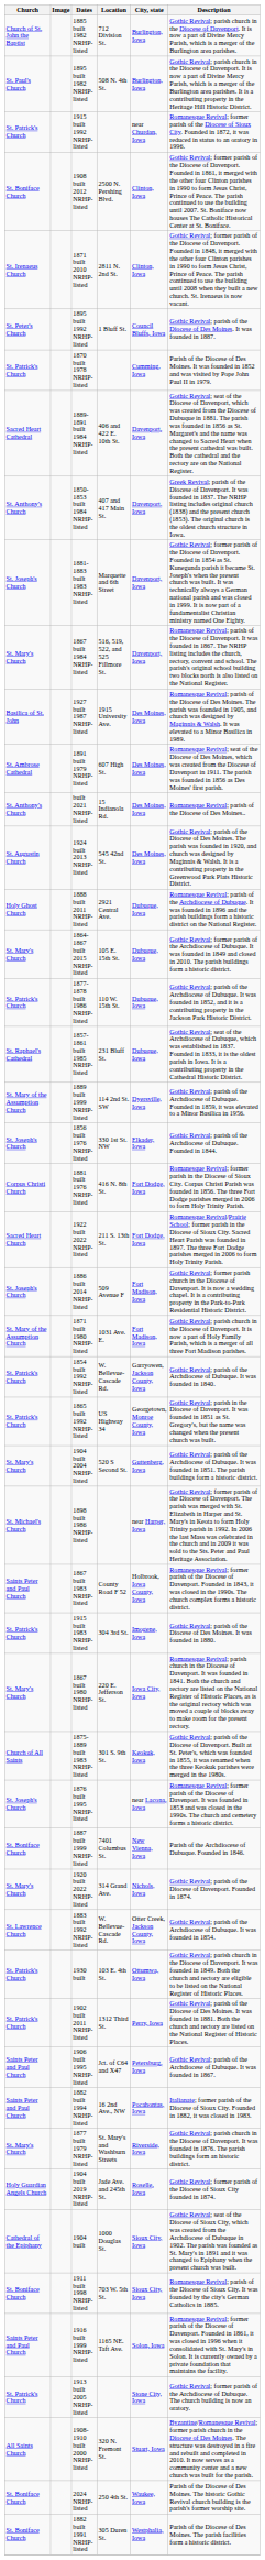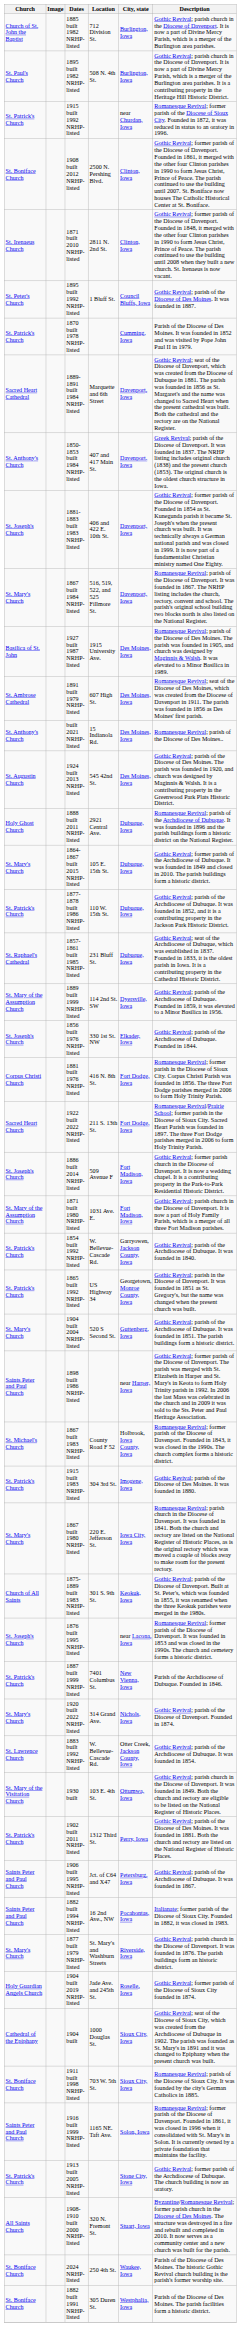 <table class="wikitable sortable" style="width:98%">
 <tr>
 <th width = 18%><strong>Church</strong></th>
 <th width = 8% class="unsortable"><strong>Image</strong></th>
 <th width = 10%><strong>Dates</strong></th>
 <th><strong>Location</strong></th>
 <th width = 8%><strong>City, state</strong></th>
 <th class="unsortable"><strong>Description</strong></th>
 </tr>
 <tr>
 <td><a href='#'>Church of St. John the Baptist</a></td>
 <td></td>
 <td>1885 built<br>1982 NRHP-listed</td>
 <td>712 Division St.<br><small></small></td>
 <td><a href='#'>Burlington, Iowa</a></td>
 <td><a href='#'>Gothic Revival</a>; parish church in the <a href='#'>Diocese of Davenport</a>. It is now a part of Divine Mercy Parish, which is a merger of the Burlington area parishes.</td>
 </tr>
 <tr>
 <td><a href='#'>St. Paul's Church</a></td>
 <td></td>
 <td>1895 built<br>1982 NRHP-listed</td>
 <td>508 N. 4th St.<br><small></small></td>
 <td><a href='#'>Burlington, Iowa</a></td>
 <td><a href='#'>Gothic Revival</a>; parish church in the Diocese of Davenport. It is now a part of Divine Mercy Parish, which is a merger of the Burlington area parishes. It is a contributing property in the Heritage Hill Historic District.</td>
 </tr>
 <tr>
 <td><a href='#'>St. Patrick's Church</a></td>
 <td></td>
 <td>1915 built<br>1992 NRHP-listed</td>
 <td><small></small></td>
 <td>near <a href='#'>Churdan, Iowa</a></td>
 <td><a href='#'>Romanesque Revival</a>; former parish of the <a href='#'>Diocese of Sioux City</a>. Founded in 1872, it was reduced in status to an oratory in 1996.</td>
 </tr>
 <tr>
 <td><a href='#'>St. Boniface Church</a></td>
 <td></td>
 <td>1908 built<br>2012 NRHP-listed</td>
 <td>2500 N. Pershing Blvd.<br><small></small></td>
 <td><a href='#'>Clinton, Iowa</a></td>
 <td><a href='#'>Gothic Revival</a>; former parish of the Diocese of Davenport. Founded in 1861, it merged with the other four Clinton parishes in 1990 to form Jesus Christ, Prince of Peace. The parish continued to use the building until 2007. St. Boniface now houses The Catholic Historical Center at St. Boniface.</td>
 </tr>
 <tr>
 <td><a href='#'>St. Irenaeus Church</a></td>
 <td></td>
 <td>1871 built<br>2010 NRHP-listed</td>
 <td>2811 N. 2nd St.<br><small></small></td>
 <td><a href='#'>Clinton, Iowa</a></td>
 <td><a href='#'>Gothic Revival</a>; former parish of the Diocese of Davenport. Founded in 1848, it merged with the other four Clinton parishes in 1990 to form Jesus Christ, Prince of Peace. The parish continued to use the building until 2008 when they built a new church. St. Irenaeus is now vacant.</td>
 </tr>
 <tr>
 <td><a href='#'>St. Peter's Church</a></td>
 <td></td>
 <td>1895 built<br>1992 NRHP-listed</td>
 <td>1 Bluff St.<br><small></small></td>
 <td><a href='#'>Council Bluffs, Iowa</a></td>
 <td><a href='#'>Gothic Revival</a>; parish of the <a href='#'>Diocese of Des Moines</a>. It was founded in 1887.</td>
 </tr>
 <tr>
 <td><a href='#'>St. Patrick's Church</a></td>
 <td></td>
 <td>1870 built<br>1978 NRHP-listed</td>
 <td><br><small></small></td>
 <td><a href='#'>Cumming, Iowa</a></td>
 <td>Parish of the Diocese of Des Moines. It was founded in 1852 and was visited by Pope John Paul II in 1979.</td>
 </tr>
 <tr>
 <td><a href='#'>Sacred Heart Cathedral</a></td>
 <td></td>
 <td>1889-1891 built<br>1984 NRHP-listed</td>
-<td>406 and 422 E. 10th St.<br><small></small></td>
+<td>Marquette and 6th Street<br><small></small></td>
 <td><a href='#'>Davenport, Iowa</a></td>
 <td><a href='#'>Gothic Revival</a>; seat of the Diocese of Davenport, which was created from the Diocese of Dubuque in 1881. The parish was founded in 1856 as St. Margaret's and the name was changed to Sacred Heart when the present cathedral was built. Both the cathedral and the rectory are on the National Register.</td>
 </tr>
 <tr>
 <td><a href='#'>St. Anthony's Church</a></td>
 <td></td>
 <td>1850-1853 built<br>1984 NRHP-listed</td>
 <td>407 and 417 Main St.<br><small></small></td>
 <td><a href='#'>Davenport, Iowa</a></td>
 <td><a href='#'>Greek Revival</a>; parish of the Diocese of Davenport. It was founded in 1837. The NRHP listing includes original church (1838) and the present church (1853). The original church is the oldest church structure in Iowa.</td>
 </tr>
 <tr>
 <td><a href='#'>St. Joseph's Church</a></td>
 <td></td>
 <td>1881-1883 built<br>1983 NRHP-listed</td>
-<td>Marquette and 6th Street<br><small></small></td>
+<td>406 and 422 E. 10th St.<br><small></small></td>
 <td><a href='#'>Davenport, Iowa</a></td>
 <td><a href='#'>Gothic Revival</a>; former parish of the Diocese of Davenport. Founded in 1854 as St. Kunegunda parish it became St. Joseph's when the present church was built. It was technically always a German national parish and was closed in 1999.  It is now part of a fundamentalist Christian ministry named One Eighty.</td>
 </tr>
 <tr>
 <td><a href='#'>St. Mary's Church</a></td>
 <td></td>
 <td>1867 built<br>1984 NRHP-listed</td>
 <td>516, 519, 522, and 525 Fillmore St.<br><small></small></td>
 <td><a href='#'>Davenport, Iowa</a></td>
 <td><a href='#'>Romanesque Revival</a>; parish of the Diocese of Davenport. It was founded in 1867. The NRHP listing includes the church, rectory, convent and school. The parish's original school building two blocks north is also listed on the National Register.</td>
 </tr>
 <tr>
 <td><a href='#'>Basilica of St. John</a></td>
 <td></td>
 <td>1927 built<br>1987 NRHP-listed</td>
 <td>1915 University Ave.<br><small></small></td>
 <td><a href='#'>Des Moines, Iowa</a></td>
 <td><a href='#'>Romanesque Revival</a>; parish of the Diocese of Des Moines. The parish was founded in 1905, and church was designed by <a href='#'>Maginnis & Walsh</a>. It was elevated to a Minor Basilica in 1989.</td>
 </tr>
 <tr>
 <td><a href='#'>St. Ambrose Cathedral</a></td>
 <td></td>
 <td>1891 built<br>1979 NRHP-listed</td>
 <td>607 High St.<br><small></small></td>
 <td><a href='#'>Des Moines, Iowa</a></td>
 <td><a href='#'>Romanesque Revival</a>; seat of the Diocese of Des Moines, which was created from the Diocese of Davenport in 1911. The parish was founded in 1856 as Des Moines' first parish.</td>
 </tr>
 <tr>
 <td><a href='#'>St. Anthony's Church</a></td>
 <td></td>
 <td>built<br>2021 NRHP-listed</td>
 <td>15 Indianola Rd.<br><small></small></td>
 <td><a href='#'>Des Moines, Iowa</a></td>
 <td><a href='#'>Romanesque Revival</a>; parish of the Diocese of Des Moines..</td>
 </tr>
 <tr>
 <td><a href='#'>St. Augustin Church</a></td>
 <td></td>
 <td>1924 built<br>2013 NRHP-listed</td>
 <td>545 42nd St.<br><small></small></td>
 <td><a href='#'>Des Moines, Iowa</a></td>
 <td><a href='#'>Gothic Revival</a>; parish of the Diocese of Des Moines. The parish was founded in 1920, and church was designed by Maginnis & Walsh. It is a contributing property in the Greenwood Park Plats Historic District.</td>
 </tr>
 <tr>
 <td><a href='#'>Holy Ghost Church</a></td>
 <td></td>
 <td>1888 built<br>2011 NRHP-listed</td>
 <td>2921 Central Ave.<br><small></small></td>
 <td><a href='#'>Dubuque, Iowa</a></td>
 <td><a href='#'>Romanesque Revival</a>; parish of the <a href='#'>Archdiocese of Dubuque</a>. It was founded in 1896 and the parish buildings form a historic district on the National Register.</td>
 </tr>
 <tr>
 <td><a href='#'>St. Mary's Church</a></td>
 <td></td>
 <td>1864-1867 built<br>2015 NRHP-listed</td>
 <td>105 E. 15th St.<br><small></small></td>
 <td><a href='#'>Dubuque, Iowa</a></td>
 <td><a href='#'>Gothic Revival</a>; former parish of the Archdiocese of Dubuque. It was founded in 1849 and closed in 2010. The parish buildings form a historic district.</td>
 </tr>
 <tr>
 <td><a href='#'>St. Patrick's Church</a></td>
 <td></td>
 <td>1877-1878 built<br>1986 NRHP-listed</td>
 <td>110 W. 15th St.<br><small></small></td>
 <td><a href='#'>Dubuque, Iowa</a></td>
 <td><a href='#'>Gothic Revival</a>; parish of the Archdiocese of Dubuque. It was founded in 1852, and it is a contributing property in the Jackson Park Historic District.</td>
 </tr>
 <tr>
 <td><a href='#'>St. Raphael's Cathedral</a></td>
 <td></td>
 <td>1857-1861 built<br>1985 NRHP-listed</td>
 <td>231 Bluff St.<br><small></small></td>
 <td><a href='#'>Dubuque, Iowa</a></td>
 <td><a href='#'>Gothic Revival</a>; seat of the Archdiocese of Dubuque, which was established in 1837. Founded in 1833, it is the oldest parish in Iowa. It is a contributing property in the Cathedral Historic District.</td>
 </tr>
 <tr>
 <td><a href='#'>St. Mary of the Assumption Church</a></td>
 <td></td>
 <td>1889 built<br>1999 NRHP-listed</td>
 <td>114 2nd St. SW<br><small></small></td>
 <td><a href='#'>Dyersville, Iowa</a></td>
 <td><a href='#'>Gothic Revival</a>; parish of the Archdiocese of Dubuque. Founded in 1859, it was elevated to a Minor Basilica in 1956.</td>
 </tr>
 <tr>
 <td><a href='#'>St. Joseph's Church</a></td>
 <td></td>
 <td>1856 built<br>1976 NRHP-listed</td>
 <td>330 1st St. NW<br><small></small></td>
 <td><a href='#'>Elkader, Iowa</a></td>
 <td><a href='#'>Gothic Revival</a>; parish of the Archdiocese of Dubuque. Founded in 1844.</td>
 </tr>
 <tr>
 <td><a href='#'>Corpus Christi Church</a></td>
 <td></td>
 <td>1881 built<br>1976 NRHP-listed</td>
 <td>416 N. 8th St.<br><small></small></td>
 <td><a href='#'>Fort Dodge, Iowa</a></td>
 <td><a href='#'>Romanesque Revival</a>; former parish in the Diocese of Sioux City. Corpus Christi Parish was founded in 1856. The three Fort Dodge parishes merged in 2006 to form Holy Trinity Parish.</td>
 </tr>
 <tr>
 <td><a href='#'>Sacred Heart Church</a></td>
 <td></td>
 <td>1922 built<br>2022 NRHP-listed</td>
 <td>211 S. 13th St.<br><small></small></td>
 <td><a href='#'>Fort Dodge, Iowa</a></td>
 <td><a href='#'>Romanesque Revival</a>/<a href='#'>Prairie School</a>; former parish in the Diocese of Sioux City. Sacred Heart Parish was founded in 1897. The three Fort Dodge parishes merged in 2006 to form Holy Trinity Parish.</td>
 </tr>
 <tr>
 <td><a href='#'>St. Joseph's Church</a></td>
 <td></td>
 <td>1886 built<br>2014 NRHP-listed</td>
 <td>509 Avenue F<br><small></small></td>
 <td><a href='#'>Fort Madison, Iowa</a></td>
 <td><a href='#'>Gothic Revival</a>; former parish church in the Diocese of Davenport. It is now a wedding chapel. It is a contributing property in the Park-to-Park Residential Historic District.</td>
 </tr>
 <tr>
 <td><a href='#'>St. Mary of the Assumption Church</a></td>
 <td></td>
 <td>1871 built<br>1980 NRHP-listed</td>
 <td>1031 Ave. E.<br><small></small></td>
 <td><a href='#'>Fort Madison, Iowa</a></td>
 <td><a href='#'>Gothic Revival</a>; parish church in the Diocese of Davenport. It is now a part of Holy Family Parish, which is a merger of all three Fort Madison parishes.</td>
 </tr>
 <tr>
 <td><a href='#'>St. Patrick's Church</a></td>
 <td></td>
 <td>1854 built<br>1992 NRHP-listed</td>
 <td>W. Bellevue-Cascade Rd.<br><small></small></td>
 <td>Garryowen, <a href='#'>Jackson County, Iowa</a></td>
 <td><a href='#'>Gothic Revival</a>; parish of the Archdiocese of Dubuque. It was founded in 1840.</td>
 </tr>
 <tr>
 <td><a href='#'>St. Patrick's Church</a></td>
 <td></td>
 <td>1865 built<br>1992 NRHP-listed</td>
 <td>US Highway 34<br><small></small></td>
 <td>Georgetown, <a href='#'>Monroe County, Iowa</a></td>
 <td><a href='#'>Gothic Revival</a>; parish in the Diocese of Davenport. It was founded in 1851 as St. Gregory's, but the name was changed when the present church was built.</td>
 </tr>
 <tr>
 <td><a href='#'>St. Mary's Church</a></td>
 <td></td>
 <td>1904 built<br>2004 NRHP-listed</td>
 <td>520 S Second St.<br><small></small></td>
 <td><a href='#'>Guttenberg, Iowa</a></td>
 <td><a href='#'>Gothic Revival</a>; parish of the Archdiocese of Dubuque. It was founded in 1851. The parish buildings form a historic district.</td>
 </tr>
 <tr>
-<td><a href='#'>St. Michael's Church</a></td>
+<td><a href='#'>Saints Peter and Paul Church</a></td>
 <td></td>
 <td>1898 built<br>1986 NRHP-listed</td>
 <td><small></small></td>
 <td>near <a href='#'>Harper, Iowa</a></td>
 <td><a href='#'>Gothic Revival</a>; former parish of the Diocese of Davenport. The parish was merged with St. Elizabeth in Harper and St. Mary's in Keota to form Holy Trinity parish in 1992. In 2006 the last Mass was celebrated in the church and in 2009 it was sold to the Sts. Peter and Paul Heritage Association.</td>
 </tr>
 <tr>
-<td><a href='#'>Saints Peter and Paul Church</a></td>
+<td><a href='#'>St. Michael's Church</a></td>
 <td></td>
 <td>1867 built<br>1983 NRHP-listed</td>
 <td>County Road F 52<br><small></small></td>
 <td>Holbrook, <a href='#'>Iowa County, Iowa</a></td>
 <td><a href='#'>Romanesque Revival</a>; former parish of the Diocese of Davenport. Founded in 1843, it was closed in the 1990s. The church complex forms a historic district.</td>
 </tr>
 <tr>
 <td><a href='#'>St. Patrick's Church</a></td>
 <td></td>
 <td>1915 built<br>1983 NRHP-listed</td>
 <td>304 3rd St.<br><small></small></td>
 <td><a href='#'>Imogene, Iowa</a></td>
 <td><a href='#'>Gothic Revival</a>; parish of the Diocese of Des Moines. It was founded in 1880.</td>
 </tr>
 <tr>
 <td><a href='#'>St. Mary's Church</a></td>
 <td></td>
 <td>1867 built<br>1980 NRHP-listed</td>
 <td>220 E. Jefferson St.<br><small></small></td>
 <td><a href='#'>Iowa City, Iowa</a></td>
 <td><a href='#'>Romanesque Revival</a>; parish church in the Diocese of Davenport. It was founded in 1841. Both the church and rectory are listed on the National Register of Historic Places, as is the original rectory which was moved a couple of blocks away to make room for the present rectory.</td>
 </tr>
 <tr>
 <td><a href='#'>Church of All Saints</a></td>
 <td></td>
 <td>1875-1889 built<br>1983 NRHP-listed</td>
 <td>301 S. 9th St.<br><small></small></td>
 <td><a href='#'>Keokuk, Iowa</a></td>
 <td><a href='#'>Gothic Revival</a>; parish of the Diocese of Davenport. Built at St. Peter's, which was founded in 1855, it was renamed when the three Keokuk parishes were merged in the 1980s.</td>
 </tr>
 <tr>
 <td><a href='#'>St. Joseph's Church</a></td>
 <td></td>
 <td>1876 built<br>1995 NRHP-listed</td>
 <td><br><small></small></td>
 <td>near <a href='#'>Lacona, Iowa</a></td>
 <td><a href='#'>Romanesque Revival</a>; former parish of the Diocese of Davenport. It was founded in 1853 and was closed in the 1990s. The church and cemetery forms a historic district.</td>
 </tr>
 <tr>
-<td><a href='#'>St. Boniface Church</a></td>
+<td><a href='#'>St. Patrick's Church</a></td>
 <td></td>
 <td>1887 built<br>1999 NRHP-listed</td>
 <td>7401 Columbus St.<br><small></small></td>
 <td><a href='#'>New Vienna, Iowa</a></td>
 <td>Parish of the Archdiocese of Dubuque. Founded in 1846.</td>
 </tr>
 <tr>
 <td><a href='#'>St. Mary's Church</a></td>
 <td></td>
 <td>1920 built<br>2022 NRHP-listed</td>
 <td>314 Grand Ave.<br><small></small></td>
 <td><a href='#'>Nichols, Iowa</a></td>
 <td><a href='#'>Gothic Revival</a>; parish of the Diocese of Davenport. Founded in 1874.</td>
 </tr>
 <tr>
 <td><a href='#'>St. Lawrence Church</a></td>
 <td></td>
 <td>1883 built<br>1992 NRHP-listed</td>
 <td>W. Bellevue-Cascade Rd.<br><small></small></td>
 <td>Otter Creek, <a href='#'>Jackson County, Iowa</a></td>
 <td><a href='#'>Gothic Revival</a>; parish of the Archdiocese of Dubuque. It was founded in 1854.</td>
 </tr>
 <tr>
-<td><a href='#'>St. Patrick's Church</a></td>
+<td><a href='#'>St. Mary of the Visitation Church</a></td>
 <td></td>
 <td>1930 built</td>
 <td>103 E. 4th St.<br><small></small></td>
 <td><a href='#'>Ottumwa, Iowa</a></td>
 <td><a href='#'>Gothic Revival</a>; parish church in the Diocese of Davenport. It was founded in 1849. Both the church and rectory are eligible to be listed on the National Register of Historic Places.</td>
 </tr>
 <tr>
 <td><a href='#'>St. Patrick's Church</a></td>
 <td></td>
 <td>1902 built<br>2011 NRHP-listed</td>
 <td>1312 Third St.<br><small></small></td>
 <td><a href='#'>Perry, Iowa</a></td>
 <td><a href='#'>Gothic Revival</a>; parish of the Diocese of Des Moines. It was founded in 1881. Both the church and rectory are listed on the National Register of Historic Places.</td>
 </tr>
 <tr>
 <td><a href='#'>Saints Peter and Paul Church</a></td>
 <td></td>
 <td>1906 built<br>1995 NRHP-listed</td>
 <td>Jct. of C64 and X47<br><small></small></td>
 <td><a href='#'>Petersburg, Iowa</a></td>
 <td><a href='#'>Gothic Revival</a>; parish of the Archdiocese of Dubuque. It was founded in 1867.</td>
 </tr>
 <tr>
 <td><a href='#'>Saints Peter and Paul Church</a></td>
 <td></td>
 <td>1882 built<br>1994 NRHP-listed</td>
 <td>16 2nd Ave., NW<br><small></small></td>
 <td><a href='#'>Pocahontas, Iowa</a></td>
 <td><a href='#'>Italianate</a>; former parish of the Diocese of Sioux City. Founded in 1882, it was closed in 1983.</td>
 </tr>
 <tr>
 <td><a href='#'>St. Mary's Church</a></td>
 <td></td>
 <td>1877 built<br>1979 NRHP-listed</td>
 <td>St. Mary's and Washburn Streets<br><small></small></td>
 <td><a href='#'>Riverside, Iowa</a></td>
 <td><a href='#'>Gothic Revival</a>; parish church in the Diocese of Davenport. It was founded in 1876. The parish buildings form an historic district.</td>
 </tr>
 <tr>
 <td><a href='#'>Holy Guardian Angels Church</a></td>
 <td></td>
 <td>1904 built<br>2019 NRHP-listed</td>
 <td>Jade Ave. and 245th St.<br><small></small></td>
 <td><a href='#'>Roselle, Iowa</a></td>
 <td><a href='#'>Gothic Revival</a>; former parish of the Diocese of Sioux City founded in 1874.</td>
 </tr>
 <tr>
 <td><a href='#'>Cathedral of the Epiphany</a></td>
 <td></td>
 <td>1904 built<br></td>
 <td>1000 Douglas St.<br><small></small></td>
 <td><a href='#'>Sioux City, Iowa</a></td>
 <td><a href='#'>Gothic Revival</a>; seat of the Diocese of Sioux City, which was created from the Archdiocese of Dubuque in 1902. The parish was founded as St. Mary's in 1891 and it was changed to Epiphany when the present church was built.</td>
 </tr>
 <tr>
 <td><a href='#'>St. Boniface Church</a></td>
 <td></td>
 <td>1911 built<br>1998 NRHP-listed</td>
 <td>703 W. 5th St.<br><small></small></td>
 <td><a href='#'>Sioux City, Iowa</a></td>
 <td><a href='#'>Romanesque Revival</a>; parish of the Diocese of Sioux City. It was founded by the city's German Catholics in 1885.</td>
 </tr>
 <tr>
 <td><a href='#'>Saints Peter and Paul Church</a></td>
 <td></td>
 <td>1916 built<br>1999 NRHP-listed</td>
 <td>1165 NE. Taft Ave.<br><small></small></td>
 <td><a href='#'>Solon, Iowa</a></td>
 <td><a href='#'>Romanesque Revival</a>; former parish of the Diocese of Davenport. Founded in 1861, it was closed in 1996 when it consolidated with St. Mary's in Solon. It is currently owned by a private foundation that maintains the facility.</td>
 </tr>
 <tr>
 <td><a href='#'>St. Patrick's Church</a></td>
 <td></td>
 <td>1913 built<br>2005 NRHP-listed</td>
 <td><br><small></small></td>
 <td><a href='#'>Stone City, Iowa</a></td>
 <td><a href='#'>Gothic Revival</a>; former parish of the Archdiocese of Dubuque. The church building is now an oratory.</td>
 </tr>
 <tr>
 <td><a href='#'>All Saints Church</a></td>
 <td></td>
 <td>1908-1910 built<br>2000 NRHP-listed</td>
 <td>320 N. Fremont St.<br><small></small></td>
 <td><a href='#'>Stuart, Iowa</a></td>
 <td><a href='#'>Byzantine</a>/<a href='#'>Romanesque Revival</a>; former parish church in the <a href='#'>Diocese of Des Moines</a>. The structure was destroyed in a fire and rebuilt and completed in 2010. It now serves as a community center and a new church was built for the parish.</td>
 </tr>
 <tr>
 <td><a href='#'>St. Boniface Church</a></td>
 <td></td>
 <td><br>2024 NRHP-listed</td>
 <td>250 4th St.<br><small></small></td>
 <td><a href='#'>Waukee, Iowa</a></td>
 <td>Parish of the Diocese of Des Moines. The historic Gothic Revival church building is the parish's former worship site.</td>
 </tr>
 <tr>
 <td><a href='#'>St. Boniface Church</a></td>
 <td></td>
 <td>1882 built<br>1991 NRHP-listed</td>
 <td>305 Duren St.<br><small></small></td>
 <td><a href='#'>Westphalia, Iowa</a></td>
 <td>Parish of the Diocese of Des Moines. The parish facilities form a historic district.</td>
 </tr>
 <tr ->
 </tr>
 </table>
